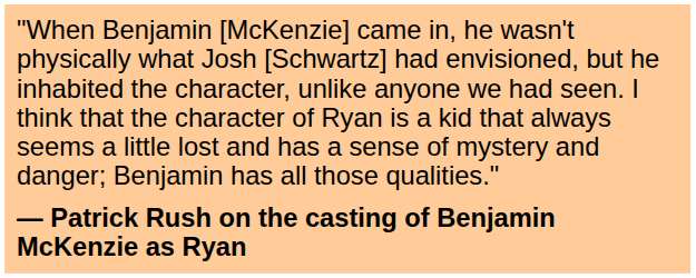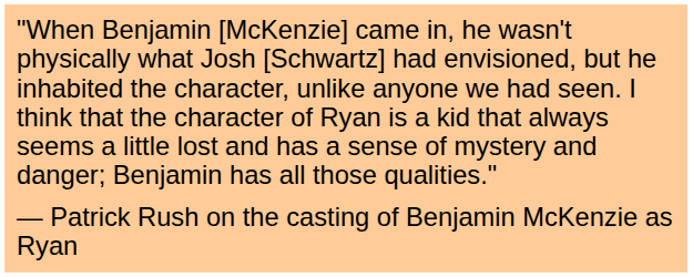 <table class="toccolours" style="float: right; margin-left: 1em; margin-right: 2em; font-size: 85%; background:#FFCC99; color:black; width:35em; max-width: 40%;" cellspacing="5">
 <tr>
 <td style="text-align: left;">"When Benjamin [McKenzie] came in, he wasn't physically what Josh [Schwartz] had envisioned, but he inhabited the character, unlike anyone we had seen. I think that the character of Ryan is a kid that always seems a little lost and has a sense of mystery and danger; Benjamin has all those qualities."</td>
 </tr>
 <tr>
-<td style="text-align: left;"><strong>— Patrick Rush on the casting of Benjamin McKenzie as Ryan</strong></td>
+<td style="text-align: left;">— Patrick Rush on the casting of Benjamin McKenzie as Ryan</td>
 </tr>
 </table>
